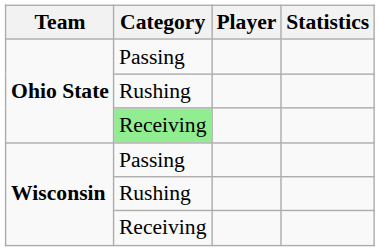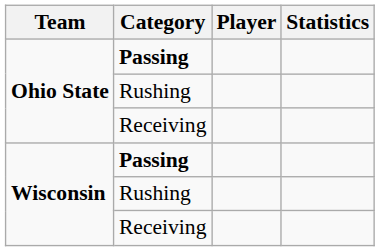 <table class="wikitable" style="float: right;">
 <tr>
 <th>Team</th>
 <th>Category</th>
 <th>Player</th>
 <th>Statistics</th>
 </tr>
 <tr>
 <td rowspan=3><strong>Ohio State</strong></td>
-<td>Passing</td>
+<td><strong>Passing</strong></td>
 <td></td>
 <td></td>
 </tr>
 <tr>
 <td>Rushing</td>
 <td></td>
 <td></td>
 </tr>
 <tr>
-<td style="background: lightgreen;">Receiving</td>
+<td>Receiving</td>
 <td></td>
 <td></td>
 </tr>
 <tr>
 <td rowspan=3><strong>Wisconsin</strong></td>
-<td>Passing</td>
+<td><strong>Passing</strong></td>
 <td></td>
 <td></td>
 </tr>
 <tr>
 <td>Rushing</td>
 <td></td>
 <td></td>
 </tr>
 <tr>
 <td>Receiving</td>
 <td></td>
 <td></td>
 </tr>
 </table>
